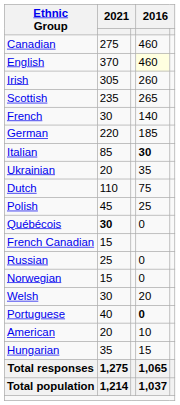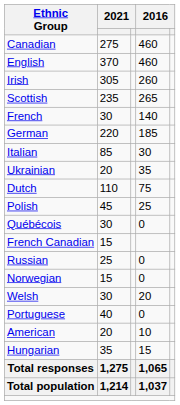 <table class="wikitable collapsible sortable">
 <tr>
 <th rowspan="2"><a href='#'>Ethnic</a><br>Group</th>
 <th colspan="2">2021</th>
 <th colspan="2">2016</th>
 </tr>
 <tr>
 <th><a href='#'></a></th>
 <th></th>
 <th><a href='#'></a></th>
 <th></th>
 </tr>
 <tr>
 <td><a href='#'>Canadian</a></td>
 <td>275</td>
 <td></td>
 <td>460</td>
 <td></td>
 </tr>
 <tr>
 <td><a href='#'>English</a></td>
 <td>370</td>
 <td></td>
-<td style="background: lightyellow;">460</td>
+<td>460</td>
 <td></td>
 </tr>
 <tr>
 <td><a href='#'>Irish</a></td>
 <td>305</td>
 <td></td>
 <td>260</td>
 <td></td>
 </tr>
 <tr>
 <td><a href='#'>Scottish</a></td>
 <td>235</td>
 <td></td>
 <td>265</td>
 <td></td>
 </tr>
 <tr>
 <td><a href='#'>French</a></td>
 <td>30</td>
 <td></td>
 <td>140</td>
 <td></td>
 </tr>
 <tr>
 <td><a href='#'>German</a></td>
 <td>220</td>
 <td></td>
 <td>185</td>
 <td></td>
 </tr>
 <tr>
 <td><a href='#'>Italian</a></td>
 <td>85</td>
 <td></td>
-<td><strong>30</strong></td>
+<td>30</td>
 <td></td>
 </tr>
 <tr>
 <td><a href='#'>Ukrainian</a></td>
 <td>20</td>
 <td></td>
 <td>35</td>
 <td></td>
 </tr>
 <tr>
 <td><a href='#'>Dutch</a></td>
 <td>110</td>
 <td></td>
 <td>75</td>
 <td></td>
 </tr>
 <tr>
 <td><a href='#'>Polish</a></td>
 <td>45</td>
 <td></td>
 <td>25</td>
 <td></td>
 </tr>
 <tr>
 <td><a href='#'>Québécois</a></td>
-<td><strong>30</strong></td>
+<td>30</td>
 <td></td>
 <td>0</td>
 <td></td>
 </tr>
 <tr>
 <td><a href='#'>French Canadian</a></td>
 <td>15</td>
 <td></td>
 <td></td>
 <td></td>
 </tr>
 <tr>
 <td><a href='#'>Russian</a></td>
 <td>25</td>
 <td></td>
 <td>0</td>
 <td></td>
 </tr>
 <tr>
 <td><a href='#'>Norwegian</a></td>
 <td>15</td>
 <td></td>
 <td>0</td>
 <td></td>
 </tr>
 <tr>
 <td><a href='#'>Welsh</a></td>
 <td>30</td>
 <td></td>
 <td>20</td>
 <td></td>
 </tr>
 <tr>
 <td><a href='#'>Portuguese</a></td>
 <td>40</td>
 <td></td>
-<td><strong>0</strong></td>
+<td>0</td>
 <td></td>
 </tr>
 <tr>
 <td><a href='#'>American</a></td>
 <td>20</td>
 <td></td>
 <td>10</td>
 <td></td>
 </tr>
 <tr>
 <td><a href='#'>Hungarian</a></td>
 <td>35</td>
 <td></td>
 <td>15</td>
 <td></td>
 </tr>
 <tr>
 <th>Total responses</th>
 <th>1,275</th>
 <th></th>
 <th>1,065</th>
 <th></th>
 </tr>
 <tr>
 <th>Total population</th>
 <th>1,214</th>
 <th></th>
 <th>1,037</th>
 <th></th>
 </tr>
 <tr class="sortbottom">
 <td colspan="15"></td>
 </tr>
 </table>
